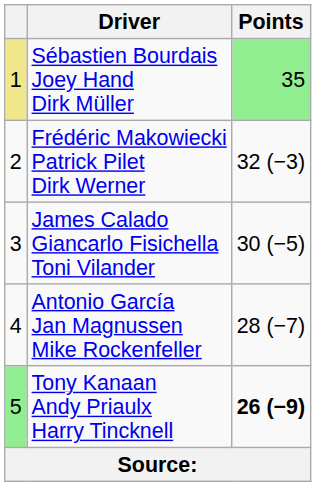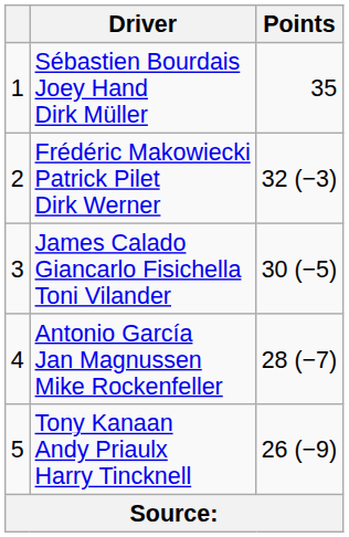 <table class="wikitable" style="font-size: 95%;">
 <tr>
 <th scope="col"></th>
 <th scope="col">Driver</th>
 <th scope="col">Points</th>
 </tr>
 <tr>
-<td align=center style="background: khaki;">1</td>
+<td align=center>1</td>
 <td> <a href='#'>Sébastien Bourdais</a><br> <a href='#'>Joey Hand</a><br> <a href='#'>Dirk Müller</a></td>
-<td align=right style="background: lightgreen;">35</td>
+<td align=right>35</td>
 </tr>
 <tr>
 <td align=center>2</td>
 <td> <a href='#'>Frédéric Makowiecki</a><br> <a href='#'>Patrick Pilet</a><br> <a href='#'>Dirk Werner</a></td>
 <td align=right>32 (−3)</td>
 </tr>
 <tr>
 <td align=center>3</td>
 <td> <a href='#'>James Calado</a><br> <a href='#'>Giancarlo Fisichella</a><br> <a href='#'>Toni Vilander</a></td>
 <td align=right>30 (−5)</td>
 </tr>
 <tr>
 <td align=center>4</td>
 <td> <a href='#'>Antonio García</a><br> <a href='#'>Jan Magnussen</a><br> <a href='#'>Mike Rockenfeller</a></td>
 <td align=right>28 (−7)</td>
 </tr>
 <tr>
-<td align=center style="background: lightgreen;">5</td>
+<td align=center>5</td>
 <td> <a href='#'>Tony Kanaan</a><br> <a href='#'>Andy Priaulx</a><br> <a href='#'>Harry Tincknell</a></td>
-<td align=right><strong>26 (−9)</strong></td>
+<td align=right>26 (−9)</td>
 </tr>
 <tr>
 <th colspan=4>Source:</th>
 </tr>
 </table>
